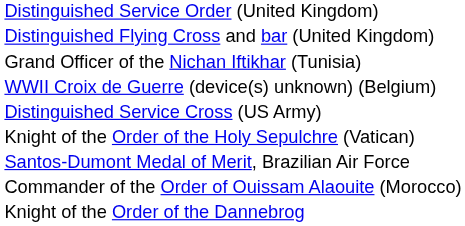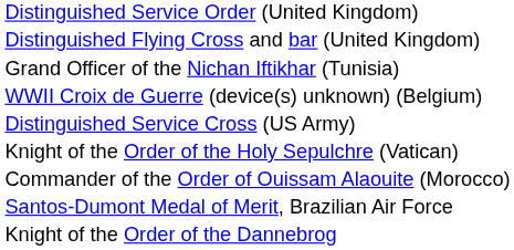 <table>
 <tr>
 <td> <a href='#'>Distinguished Service Order</a> (United Kingdom)</td>
 </tr>
 <tr>
 <td> <a href='#'>Distinguished Flying Cross</a> and <a href='#'>bar</a> (United Kingdom)</td>
 </tr>
 <tr>
 <td> Grand Officer of the <a href='#'>Nichan Iftikhar</a> (Tunisia)</td>
 </tr>
 <tr>
 <td> <a href='#'>WWII Croix de Guerre</a> (device(s) unknown) (Belgium)</td>
 </tr>
 <tr>
 <td> <a href='#'>Distinguished Service Cross</a> (US Army)</td>
 </tr>
 <tr>
 <td> Knight of the <a href='#'>Order of the Holy Sepulchre</a> (Vatican)</td>
 </tr>
 <tr>
-<td> <a href='#'>Santos-Dumont Medal of Merit</a>, Brazilian Air Force</td>
+<td> Commander of the <a href='#'>Order of Ouissam Alaouite</a> (Morocco)</td>
 </tr>
 <tr>
-<td> Commander of the <a href='#'>Order of Ouissam Alaouite</a> (Morocco)</td>
+<td> <a href='#'>Santos-Dumont Medal of Merit</a>, Brazilian Air Force</td>
 </tr>
 <tr>
 <td> Knight of the <a href='#'>Order of the Dannebrog</a></td>
 </tr>
 </table>
